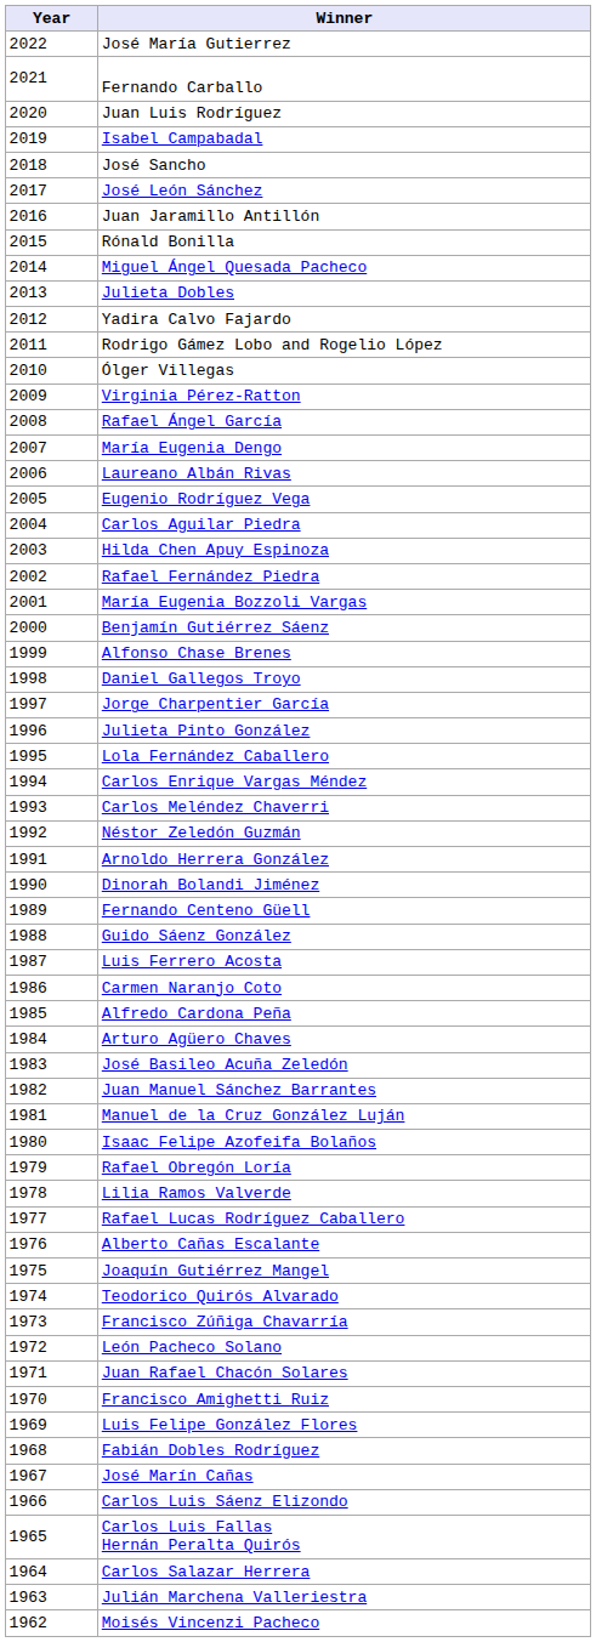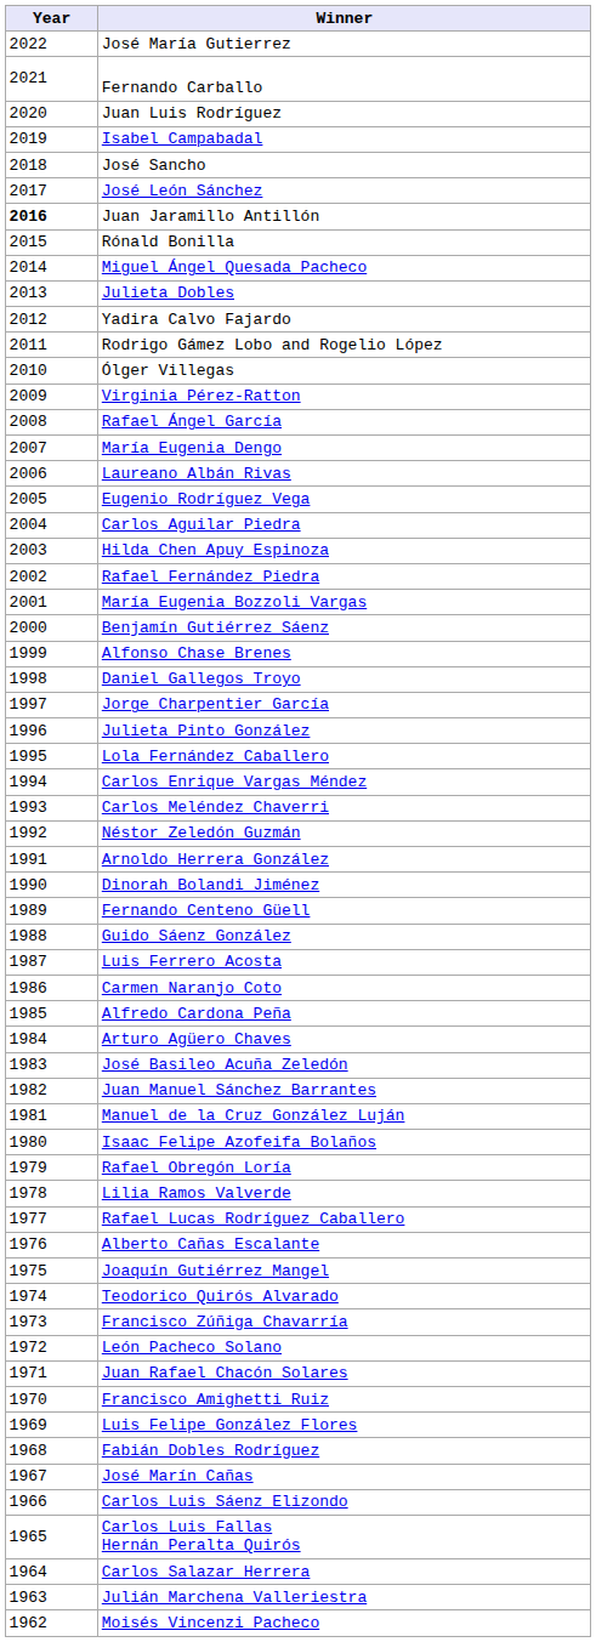 <table class="wikitable" border="0" style="background:#ffffff" align="top" class="sortable wikitable">
 <tr>
 <th width="70 px" style="background:Lavender; color:Black">Year</th>
 <th width=400 px style="background:Lavender; color:Black">Winner</th>
 </tr>
 <tr>
 <td>2022</td>
 <td>José María Gutierrez</td>
 </tr>
 <tr>
 <td>2021</td>
 <td><br>Fernando Carballo</td>
 </tr>
 <tr>
 <td>2020</td>
 <td>Juan Luis Rodríguez</td>
 </tr>
 <tr>
 <td>2019</td>
 <td><a href='#'>Isabel Campabadal</a></td>
 </tr>
 <tr>
 <td>2018</td>
 <td>José Sancho</td>
 </tr>
 <tr>
 <td>2017</td>
 <td><a href='#'>José León Sánchez</a></td>
 </tr>
 <tr>
-<td>2016</td>
+<td><strong>2016</strong></td>
 <td>Juan Jaramillo Antillón</td>
 </tr>
 <tr>
 <td>2015</td>
 <td>Rónald Bonilla</td>
 </tr>
 <tr>
 <td>2014</td>
 <td><a href='#'>Miguel Ángel Quesada Pacheco</a></td>
 </tr>
 <tr>
 <td>2013</td>
 <td><a href='#'>Julieta Dobles</a></td>
 </tr>
 <tr>
 <td>2012</td>
 <td>Yadira Calvo Fajardo</td>
 </tr>
 <tr>
 <td>2011</td>
 <td>Rodrigo Gámez Lobo and Rogelio López</td>
 </tr>
 <tr>
 <td>2010</td>
 <td>Ólger Villegas</td>
 </tr>
 <tr>
 <td>2009</td>
 <td><a href='#'>Virginia Pérez-Ratton</a></td>
 </tr>
 <tr>
 <td>2008</td>
 <td><a href='#'>Rafael Ángel García</a></td>
 </tr>
 <tr>
 <td>2007</td>
 <td><a href='#'>María Eugenia Dengo</a></td>
 </tr>
 <tr>
 <td>2006</td>
 <td><a href='#'>Laureano Albán Rivas</a></td>
 </tr>
 <tr>
 <td>2005</td>
 <td><a href='#'>Eugenio Rodríguez Vega</a></td>
 </tr>
 <tr>
 <td>2004</td>
 <td><a href='#'>Carlos Aguilar Piedra</a></td>
 </tr>
 <tr>
 <td>2003</td>
 <td><a href='#'>Hilda Chen Apuy Espinoza</a></td>
 </tr>
 <tr>
 <td>2002</td>
 <td><a href='#'>Rafael Fernández Piedra</a></td>
 </tr>
 <tr>
 <td>2001</td>
 <td><a href='#'>María Eugenia Bozzoli Vargas</a></td>
 </tr>
 <tr>
 <td>2000</td>
 <td><a href='#'>Benjamín Gutiérrez Sáenz</a></td>
 </tr>
 <tr>
 <td>1999</td>
 <td><a href='#'>Alfonso Chase Brenes</a></td>
 </tr>
 <tr>
 <td>1998</td>
 <td><a href='#'>Daniel Gallegos Troyo</a></td>
 </tr>
 <tr>
 <td>1997</td>
 <td><a href='#'>Jorge Charpentier García</a></td>
 </tr>
 <tr>
 <td>1996</td>
 <td><a href='#'>Julieta Pinto González</a></td>
 </tr>
 <tr>
 <td>1995</td>
 <td><a href='#'>Lola Fernández Caballero</a></td>
 </tr>
 <tr>
 <td>1994</td>
 <td><a href='#'>Carlos Enrique Vargas Méndez</a></td>
 </tr>
 <tr>
 <td>1993</td>
 <td><a href='#'>Carlos Meléndez Chaverri</a></td>
 </tr>
 <tr>
 <td>1992</td>
 <td><a href='#'>Néstor Zeledón Guzmán</a></td>
 </tr>
 <tr>
 <td>1991</td>
 <td><a href='#'>Arnoldo Herrera González</a></td>
 </tr>
 <tr>
 <td>1990</td>
 <td><a href='#'>Dinorah Bolandi Jiménez</a></td>
 </tr>
 <tr>
 <td>1989</td>
 <td><a href='#'>Fernando Centeno Güell</a></td>
 </tr>
 <tr>
 <td>1988</td>
 <td><a href='#'>Guido Sáenz González</a></td>
 </tr>
 <tr>
 <td>1987</td>
 <td><a href='#'>Luis Ferrero Acosta</a></td>
 </tr>
 <tr>
 <td>1986</td>
 <td><a href='#'>Carmen Naranjo Coto</a></td>
 </tr>
 <tr>
 <td>1985</td>
 <td><a href='#'>Alfredo Cardona Peña</a></td>
 </tr>
 <tr>
 <td>1984</td>
 <td><a href='#'>Arturo Agüero Chaves</a></td>
 </tr>
 <tr>
 <td>1983</td>
 <td><a href='#'>José Basileo Acuña Zeledón</a></td>
 </tr>
 <tr>
 <td>1982</td>
 <td><a href='#'>Juan Manuel Sánchez Barrantes</a></td>
 </tr>
 <tr>
 <td>1981</td>
 <td><a href='#'>Manuel de la Cruz González Luján</a></td>
 </tr>
 <tr>
 <td>1980</td>
 <td><a href='#'>Isaac Felipe Azofeifa Bolaños</a></td>
 </tr>
 <tr>
 <td>1979</td>
 <td><a href='#'>Rafael Obregón Loría</a></td>
 </tr>
 <tr>
 <td>1978</td>
 <td><a href='#'>Lilia Ramos Valverde</a></td>
 </tr>
 <tr>
 <td>1977</td>
 <td><a href='#'>Rafael Lucas Rodríguez Caballero</a></td>
 </tr>
 <tr>
 <td>1976</td>
 <td><a href='#'>Alberto Cañas Escalante</a></td>
 </tr>
 <tr>
 <td>1975</td>
 <td><a href='#'>Joaquín Gutiérrez Mangel</a></td>
 </tr>
 <tr>
 <td>1974</td>
 <td><a href='#'>Teodorico Quirós Alvarado</a></td>
 </tr>
 <tr>
 <td>1973</td>
 <td><a href='#'>Francisco Zúñiga Chavarría</a></td>
 </tr>
 <tr>
 <td>1972</td>
 <td><a href='#'>León Pacheco Solano</a></td>
 </tr>
 <tr>
 <td>1971</td>
 <td><a href='#'>Juan Rafael Chacón Solares</a></td>
 </tr>
 <tr>
 <td>1970</td>
 <td><a href='#'>Francisco Amighetti Ruiz</a></td>
 </tr>
 <tr>
 <td>1969</td>
 <td><a href='#'>Luis Felipe González Flores</a></td>
 </tr>
 <tr>
 <td>1968</td>
 <td><a href='#'>Fabián Dobles Rodríguez</a></td>
 </tr>
 <tr>
 <td>1967</td>
 <td><a href='#'>José Marín Cañas</a></td>
 </tr>
 <tr>
 <td>1966</td>
 <td><a href='#'>Carlos Luis Sáenz Elizondo</a></td>
 </tr>
 <tr>
 <td>1965</td>
 <td><a href='#'>Carlos Luis Fallas</a><br><a href='#'>Hernán Peralta Quirós</a></td>
 </tr>
 <tr>
 <td>1964</td>
 <td><a href='#'>Carlos Salazar Herrera</a></td>
 </tr>
 <tr>
 <td>1963</td>
 <td><a href='#'>Julián Marchena Valleriestra</a></td>
 </tr>
 <tr>
 <td>1962</td>
 <td><a href='#'>Moisés Vincenzi Pacheco</a></td>
 </tr>
 </table>
